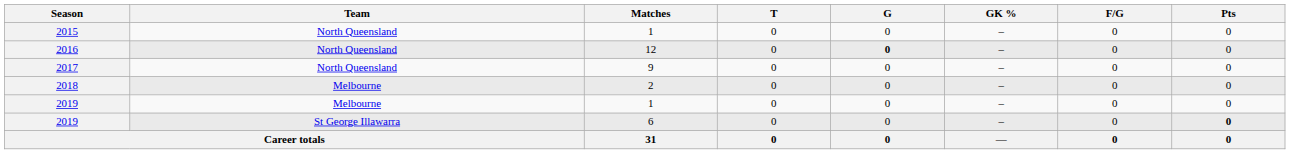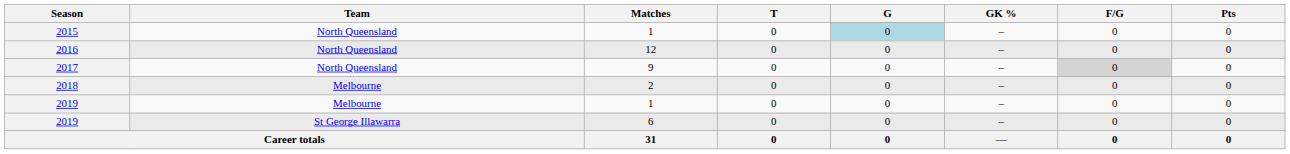 <table class="wikitable sortable"  style="font-size:90%; text-align:center; width:85%;">
 <tr>
 <th width=2%>Season</th>
 <th width=8%>Team</th>
 <th width=2%>Matches</th>
 <th width=2%>T</th>
 <th width=2%>G</th>
 <th width=2%>GK %</th>
 <th width=2%>F/G</th>
 <th width=2%>Pts</th>
 </tr>
 <tr>
 <th scope="row" style="text-align:center; font-weight:normal"><a href='#'>2015</a></th>
 <td style="text-align:center;"> <a href='#'>North Queensland</a></td>
 <td>1</td>
 <td>0</td>
-<td>0</td>
+<td style="background: lightblue;">0</td>
 <td>–</td>
 <td>0</td>
 <td>0</td>
 </tr>
 <tr style="background:#eaeaea;">
 <th scope="row" style="text-align:center; font-weight:normal"><a href='#'>2016</a></th>
 <td style="text-align:center;"> <a href='#'>North Queensland</a></td>
 <td>12</td>
 <td>0</td>
-<td><strong>0</strong></td>
+<td>0</td>
 <td>–</td>
 <td>0</td>
 <td>0</td>
 </tr>
 <tr>
 <th scope="row" style="text-align:center; font-weight:normal"><a href='#'>2017</a></th>
 <td style="text-align:center;"> <a href='#'>North Queensland</a></td>
 <td>9</td>
 <td>0</td>
 <td>0</td>
 <td>–</td>
-<td>0</td>
+<td style="background: lightgrey;">0</td>
 <td>0</td>
 </tr>
 <tr style="background:#eaeaea;">
 <th scope="row" style="text-align:center; font-weight:normal"><a href='#'>2018</a></th>
 <td style="text-align:center;"> <a href='#'>Melbourne</a></td>
 <td>2</td>
 <td>0</td>
 <td>0</td>
 <td>–</td>
 <td>0</td>
 <td>0</td>
 </tr>
 <tr>
 <th scope="row" style="text-align:center; font-weight:normal"><a href='#'>2019</a></th>
 <td style="text-align:center;"> <a href='#'>Melbourne</a></td>
 <td>1</td>
 <td>0</td>
 <td>0</td>
 <td>–</td>
 <td>0</td>
 <td>0</td>
 </tr>
 <tr style="background:#eaeaea;">
 <th scope="row" style="text-align:center; font-weight:normal"><a href='#'>2019</a></th>
 <td style="text-align:center;"> <a href='#'>St George Illawarra</a></td>
 <td>6</td>
 <td>0</td>
 <td>0</td>
 <td>–</td>
 <td>0</td>
-<td><strong>0</strong></td>
+<td>0</td>
 </tr>
 <tr class="sortbottom">
 <th colspan=2>Career totals</th>
 <th>31</th>
 <th>0</th>
 <th>0</th>
 <th>—</th>
 <th>0</th>
 <th>0</th>
 </tr>
 </table>
